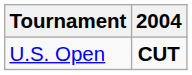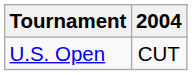 <table class="wikitable" style="font-size:95%;">
 <tr>
 <th>Tournament</th>
 <th>2004</th>
 </tr>
 <tr>
 <td><a href='#'>U.S. Open</a></td>
-<td align="center"><strong>CUT</strong></td>
+<td align="center">CUT</td>
 </tr>
 </table>
